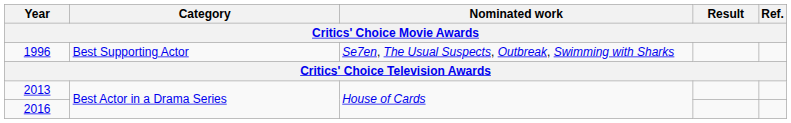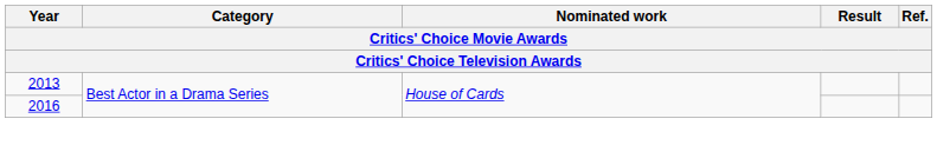 <table class=wikitable>
 <tr>
 <th scope="col" style="width:5em;">Year</th>
 <th scope="col" style="width:22em;">Category</th>
 <th scope="col" style="width:29em;">Nominated work</th>
 <th scope="col" style="width:5em;">Result</th>
 <th>Ref.</th>
 </tr>
 <tr>
 <th colspan=5><a href='#'>Critics' Choice Movie Awards</a></th>
-</tr>
-<tr>
-<td style="text-align:center;"><a href='#'>1996</a></td>
-<td><a href='#'>Best Supporting Actor</a></td>
-<td><em><a href='#'>Se7en</a></em>, <em><a href='#'>The Usual Suspects</a></em>, <em><a href='#'>Outbreak</a></em>, <em><a href='#'>Swimming with Sharks</a></em></td>
-<td></td>
-<td></td>
 </tr>
 <tr>
 <th colspan=5><a href='#'>Critics' Choice Television Awards</a></th>
 </tr>
 <tr>
 <td style="text-align:center;"><a href='#'>2013</a></td>
 <td rowspan="2"><a href='#'>Best Actor in a Drama Series</a></td>
 <td rowspan=2><em><a href='#'>House of Cards</a></em></td>
 <td></td>
 <td></td>
 </tr>
 <tr>
 <td style="text-align:center;"><a href='#'>2016</a></td>
 <td></td>
 <td></td>
 </tr>
 </table>
